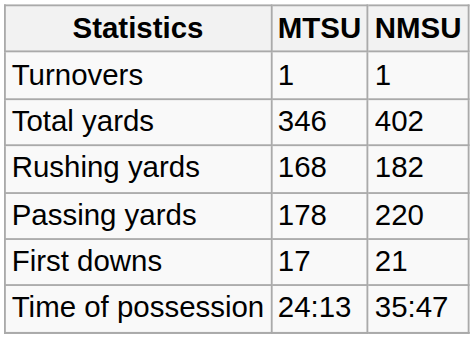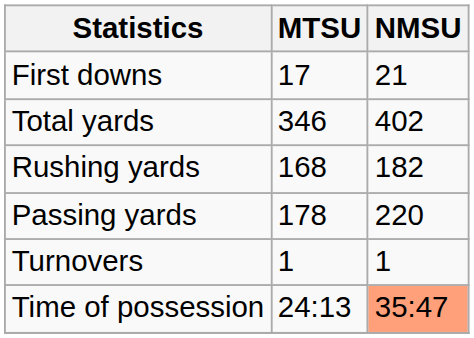 <table class="wikitable" style="float: left;">
 <tr>
 <th>Statistics</th>
 <th>MTSU</th>
 <th>NMSU</th>
 </tr>
 <tr>
-<td>Turnovers</td>
-<td>1</td>
-<td>1</td>
+<td>First downs</td>
+<td>17</td>
+<td>21</td>
 </tr>
 <tr>
 <td>Total yards</td>
 <td>346</td>
 <td>402</td>
 </tr>
 <tr>
 <td>Rushing yards</td>
 <td>168</td>
 <td>182</td>
 </tr>
 <tr>
 <td>Passing yards</td>
 <td>178</td>
 <td>220</td>
 </tr>
 <tr>
-<td>First downs</td>
-<td>17</td>
-<td>21</td>
+<td>Turnovers</td>
+<td>1</td>
+<td>1</td>
 </tr>
 <tr>
 <td>Time of possession</td>
 <td>24:13</td>
-<td>35:47</td>
+<td style="background: lightsalmon;">35:47</td>
 </tr>
 <tr>
 </tr>
 </table>
